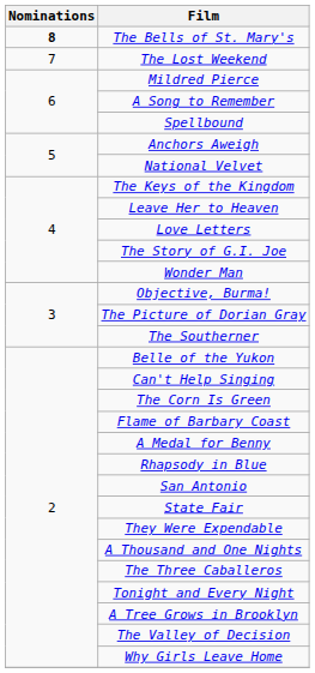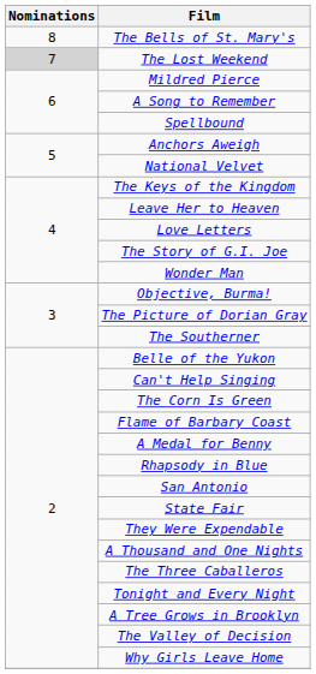 <table class="wikitable" rowspan="2" style="text-align:center;">
 <tr>
 <th scope="col" style="width:55px;">Nominations</th>
 <th scope="col" style="text-align:center;">Film</th>
 </tr>
 <tr>
-<td rowspan="1" style="text-align:center"><strong>8</strong></td>
+<td rowspan="1" style="text-align:center">8</td>
 <td><em><a href='#'>The Bells of St. Mary's</a></em></td>
 </tr>
 <tr>
-<td rowspan="1" style="text-align:center">7</td>
+<td rowspan="1" style="background: lightgrey; text-align:center">7</td>
 <td><em><a href='#'>The Lost Weekend</a></em></td>
 </tr>
 <tr>
 <td rowspan="3" style="text-align:center">6</td>
 <td><em><a href='#'>Mildred Pierce</a></em></td>
 </tr>
 <tr>
 <td><em><a href='#'>A Song to Remember</a></em></td>
 </tr>
 <tr>
 <td><em><a href='#'>Spellbound</a></em></td>
 </tr>
 <tr>
 <td rowspan="2" style="text-align:center">5</td>
 <td><em><a href='#'>Anchors Aweigh</a></em></td>
 </tr>
 <tr>
 <td><em><a href='#'>National Velvet</a></em></td>
 </tr>
 <tr>
 <td rowspan="5" style="text-align:center">4</td>
 <td><em><a href='#'>The Keys of the Kingdom</a></em></td>
 </tr>
 <tr>
 <td><em><a href='#'>Leave Her to Heaven</a></em></td>
 </tr>
 <tr>
 <td><em><a href='#'>Love Letters</a></em></td>
 </tr>
 <tr>
 <td><em><a href='#'>The Story of G.I. Joe</a></em></td>
 </tr>
 <tr>
 <td><em><a href='#'>Wonder Man</a></em></td>
 </tr>
 <tr>
 <td rowspan="3" style="text-align:center">3</td>
 <td><em><a href='#'>Objective, Burma!</a></em></td>
 </tr>
 <tr>
 <td><em><a href='#'>The Picture of Dorian Gray</a></em></td>
 </tr>
 <tr>
 <td><em><a href='#'>The Southerner</a></em></td>
 </tr>
 <tr>
 <td rowspan="15" style="text-align:center">2</td>
 <td><em><a href='#'>Belle of the Yukon</a></em></td>
 </tr>
 <tr>
 <td><em><a href='#'>Can't Help Singing</a></em></td>
 </tr>
 <tr>
 <td><em><a href='#'>The Corn Is Green</a></em></td>
 </tr>
 <tr>
 <td><em><a href='#'>Flame of Barbary Coast</a></em></td>
 </tr>
 <tr>
 <td><em><a href='#'>A Medal for Benny</a></em></td>
 </tr>
 <tr>
 <td><em><a href='#'>Rhapsody in Blue</a></em></td>
 </tr>
 <tr>
 <td><em><a href='#'>San Antonio</a></em></td>
 </tr>
 <tr>
 <td><em><a href='#'>State Fair</a></em></td>
 </tr>
 <tr>
 <td><em><a href='#'>They Were Expendable</a></em></td>
 </tr>
 <tr>
 <td><em><a href='#'>A Thousand and One Nights</a></em></td>
 </tr>
 <tr>
 <td><em><a href='#'>The Three Caballeros</a></em></td>
 </tr>
 <tr>
 <td><em><a href='#'>Tonight and Every Night</a></em></td>
 </tr>
 <tr>
 <td><em><a href='#'>A Tree Grows in Brooklyn</a></em></td>
 </tr>
 <tr>
 <td><em><a href='#'>The Valley of Decision</a></em></td>
 </tr>
 <tr>
 <td><em><a href='#'>Why Girls Leave Home</a></em></td>
 </tr>
 <tr>
 </tr>
 </table>
